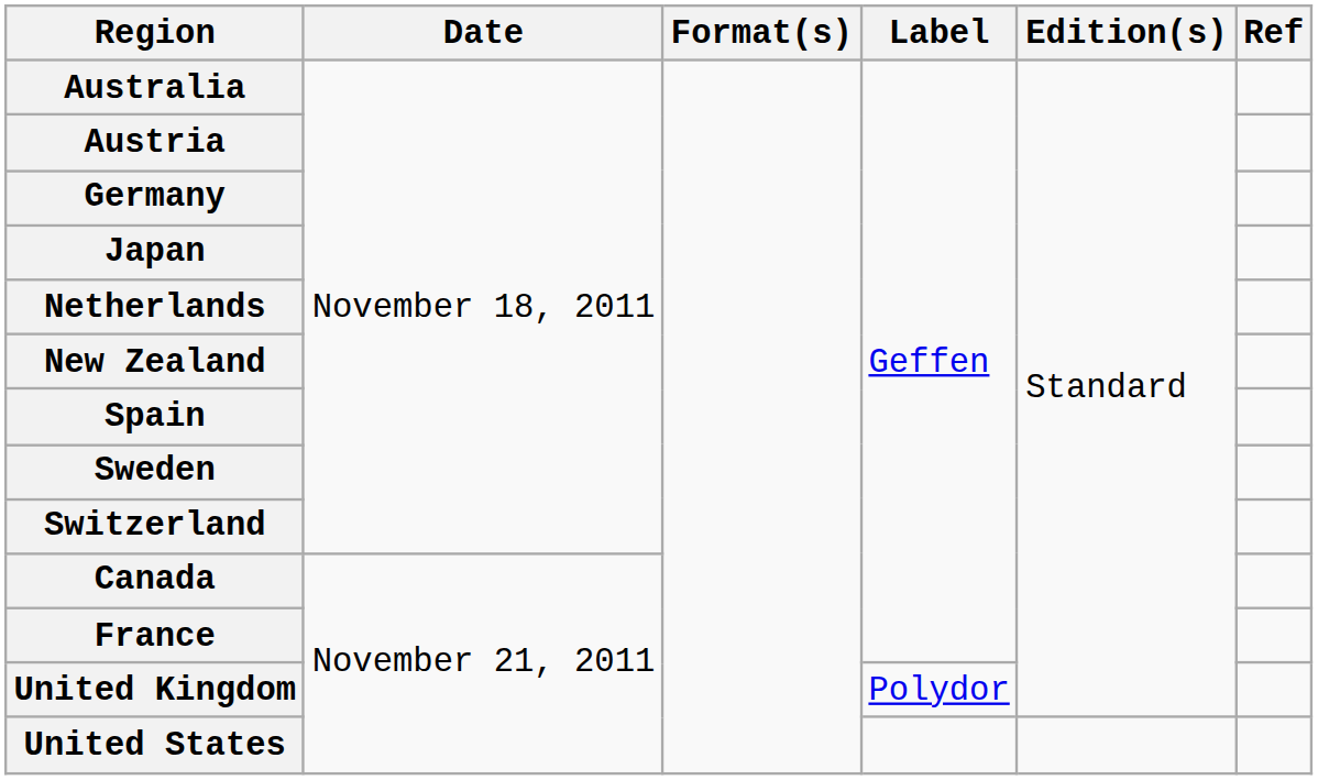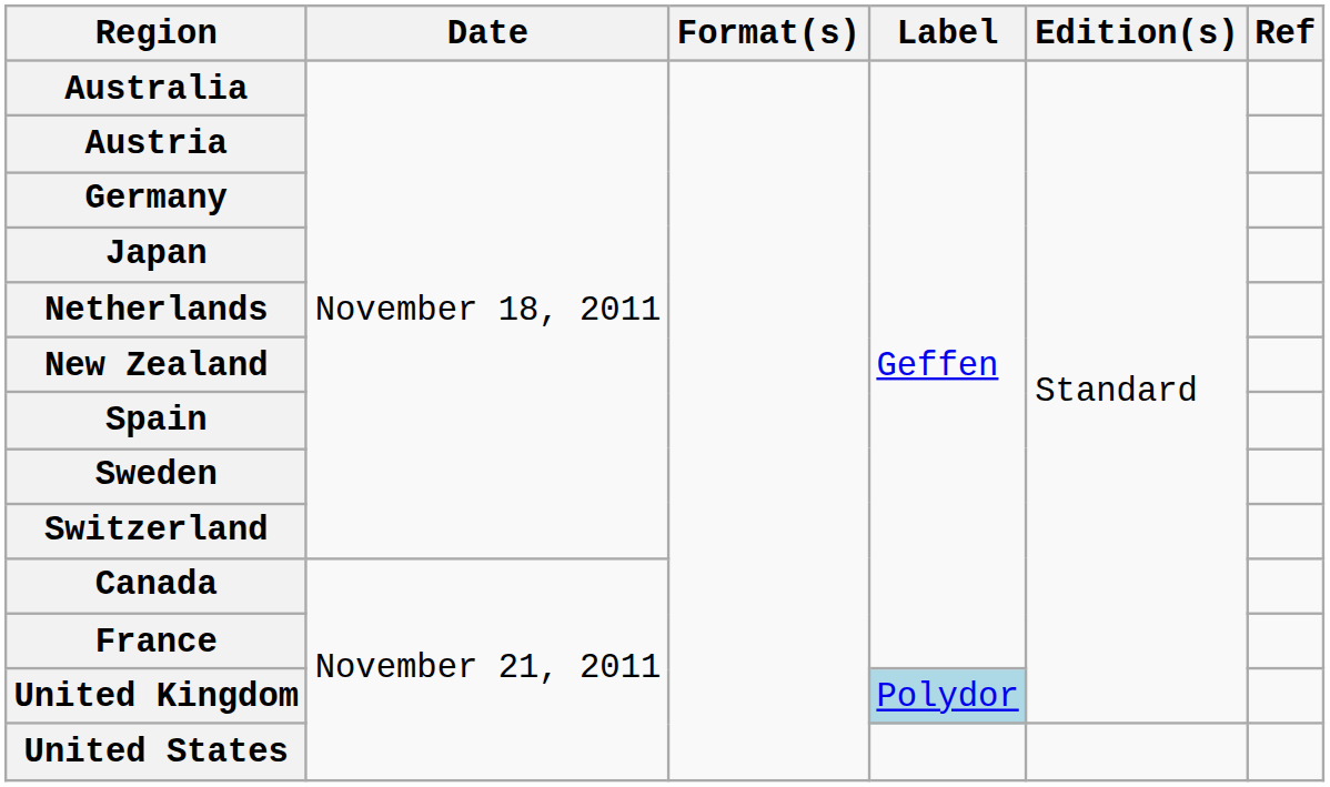 <table class="wikitable plainrowheaders">
 <tr>
 <th scope="col">Region</th>
 <th scope="col">Date</th>
 <th scope="col">Format(s)</th>
 <th scope="col">Label</th>
 <th scope="col">Edition(s)</th>
 <th scope="col">Ref</th>
 </tr>
 <tr>
 <th scope="row">Australia</th>
 <td rowspan="9">November 18, 2011</td>
 <td rowspan="13"></td>
 <td rowspan="11"><a href='#'>Geffen</a></td>
 <td rowspan="12">Standard</td>
 <td></td>
 </tr>
 <tr>
 <th scope="row">Austria</th>
 <td></td>
 </tr>
 <tr>
 <th scope="row">Germany</th>
 <td></td>
 </tr>
 <tr>
 <th scope="row">Japan</th>
 <td></td>
 </tr>
 <tr>
 <th scope="row">Netherlands</th>
 <td></td>
 </tr>
 <tr>
 <th scope="row">New Zealand</th>
 <td></td>
 </tr>
 <tr>
 <th scope="row">Spain</th>
 <td></td>
 </tr>
 <tr>
 <th scope="row">Sweden</th>
 <td></td>
 </tr>
 <tr>
 <th scope="row">Switzerland</th>
 <td></td>
 </tr>
 <tr>
 <th scope="row">Canada</th>
 <td rowspan="4">November 21, 2011</td>
 <td></td>
 </tr>
 <tr>
 <th scope="row">France</th>
 <td></td>
 </tr>
 <tr>
 <th scope="row">United Kingdom</th>
-<td><a href='#'>Polydor</a></td>
+<td style="background: lightblue;"><a href='#'>Polydor</a></td>
 <td></td>
 </tr>
 <tr>
 <th scope="row">United States</th>
 <td></td>
 <td></td>
 <td></td>
 </tr>
 </table>
